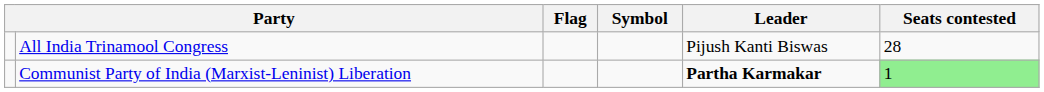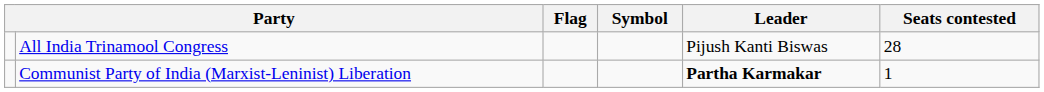 <table class="wikitable"  width="60%">
 <tr>
 <th colspan="2">Party</th>
 <th>Flag</th>
 <th>Symbol</th>
 <th>Leader</th>
 <th>Seats contested</th>
 </tr>
 <tr>
 <td style="text-align:center; background:"></td>
 <td><a href='#'>All India Trinamool Congress</a></td>
 <td></td>
 <td></td>
 <td>Pijush Kanti Biswas</td>
 <td>28</td>
 </tr>
 <tr>
 <td style="text-align:center; background:"></td>
 <td><a href='#'>Communist Party of India (Marxist-Leninist) Liberation</a></td>
 <td></td>
 <td></td>
 <td><strong>Partha Karmakar</strong></td>
-<td style="background: lightgreen;">1</td>
+<td>1</td>
 </tr>
 </table>
